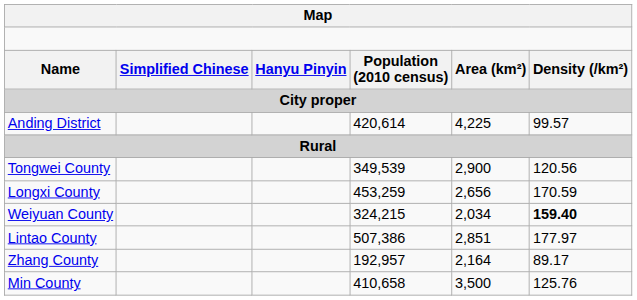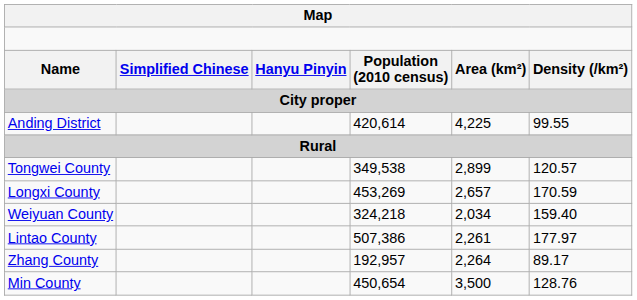 <table class="wikitable" style="font-size:100%;" align=center>
 <tr>
 <th colspan="7">Map</th>
 </tr>
 <tr>
 <td colspan="7"><div><br>          </div></td>
 </tr>
 <tr>
 <th>Name</th>
 <th><a href='#'>Simplified Chinese</a></th>
 <th><a href='#'>Hanyu Pinyin</a></th>
 <th>Population<br>(2010 census)</th>
 <th>Area (km²)</th>
 <th>Density (/km²)</th>
 </tr>
 <tr --------->
 <td colspan="7" align="center" bgcolor="#D3D3D3"><strong>City proper</strong></td>
 </tr>
 <tr --------->
 <td><a href='#'>Anding District</a></td>
 <td></td>
 <td></td>
 <td>420,614</td>
 <td>4,225</td>
-<td>99.57</td>
+<td>99.55</td>
 </tr>
 <tr --------->
 <td colspan="7" align="center" bgcolor="#D3D3D3"><strong>Rural</strong></td>
 </tr>
 <tr --------->
 <td><a href='#'>Tongwei County</a></td>
 <td></td>
 <td></td>
-<td>349,539</td>
-<td>2,900</td>
-<td>120.56</td>
+<td>349,538</td>
+<td>2,899</td>
+<td>120.57</td>
 </tr>
 <tr --------->
 <td><a href='#'>Longxi County</a></td>
 <td></td>
 <td></td>
-<td>453,259</td>
-<td>2,656</td>
+<td>453,269</td>
+<td>2,657</td>
 <td>170.59</td>
 </tr>
 <tr --------->
 <td><a href='#'>Weiyuan County</a></td>
 <td></td>
 <td></td>
-<td>324,215</td>
+<td>324,218</td>
 <td>2,034</td>
-<td><strong>159.40</strong></td>
+<td>159.40</td>
 </tr>
 <tr --------->
 <td><a href='#'>Lintao County</a></td>
 <td></td>
 <td></td>
 <td>507,386</td>
-<td>2,851</td>
+<td>2,261</td>
 <td>177.97</td>
 </tr>
 <tr --------->
 <td><a href='#'>Zhang County</a></td>
 <td></td>
 <td></td>
 <td>192,957</td>
-<td>2,164</td>
+<td>2,264</td>
 <td>89.17</td>
 </tr>
 <tr --------->
 <td><a href='#'>Min County</a></td>
 <td></td>
 <td></td>
-<td>410,658</td>
+<td>450,654</td>
 <td>3,500</td>
-<td>125.76</td>
+<td>128.76</td>
 </tr>
 </table>
